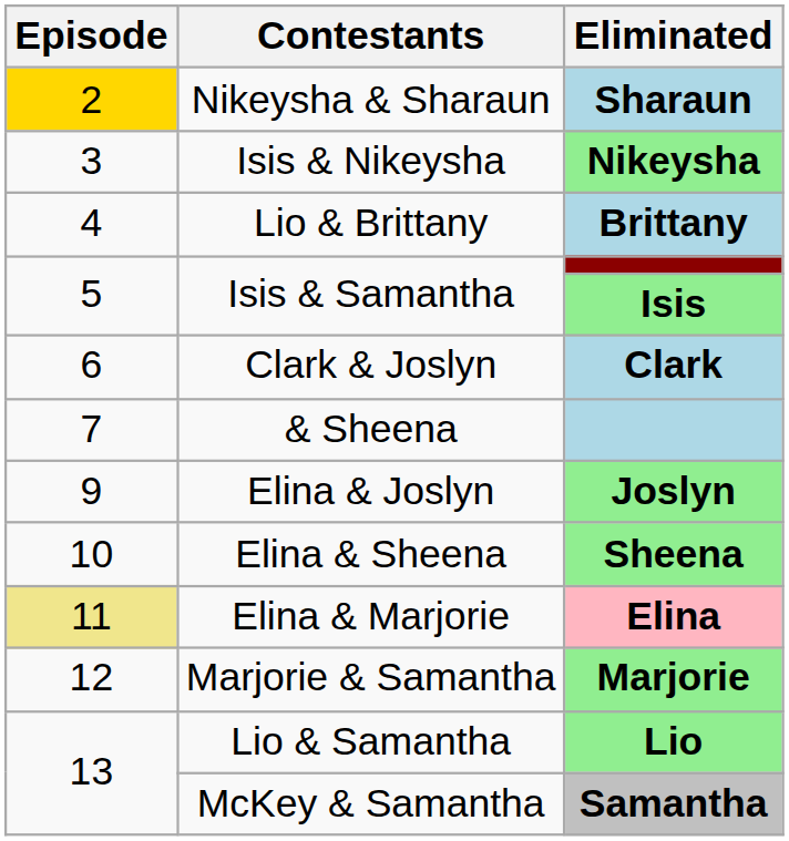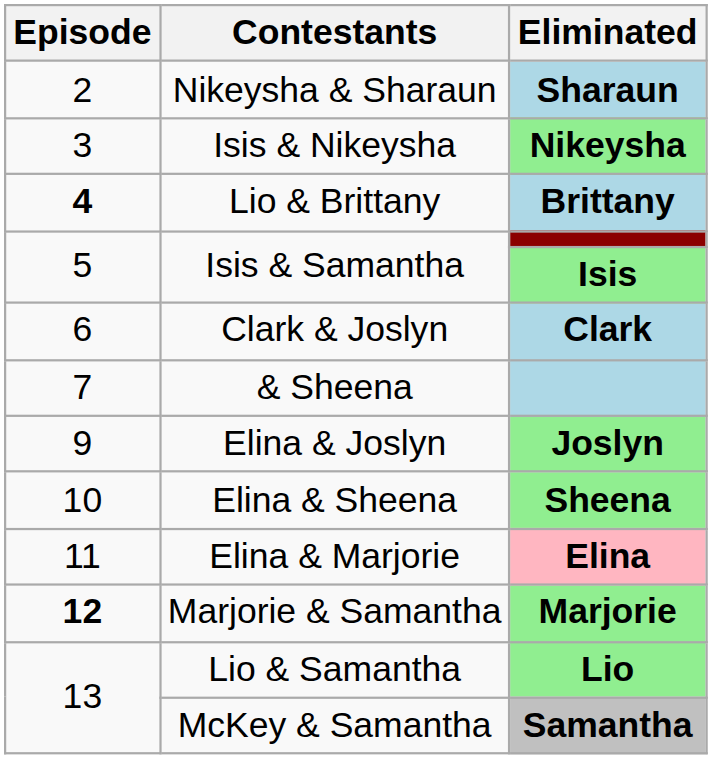 <table class="wikitable" border="2" style="text-align:center">
 <tr>
 <th>Episode</th>
 <th>Contestants</th>
 <th>Eliminated</th>
 </tr>
 <tr>
-<td style="background: gold;">2</td>
+<td>2</td>
 <td>Nikeysha & Sharaun</td>
 <td style="background:lightblue"><strong>Sharaun</strong></td>
 </tr>
 <tr>
 <td>3</td>
 <td>Isis & Nikeysha</td>
 <td style="background:lightgreen"><strong>Nikeysha</strong></td>
 </tr>
 <tr>
-<td>4</td>
+<td><strong>4</strong></td>
 <td>Lio & Brittany</td>
 <td style="background:lightblue"><strong>Brittany</strong></td>
 </tr>
 <tr>
 <td rowspan="2">5</td>
 <td rowspan="2">Isis & Samantha</td>
 <td style="background:darkred"><strong></strong></td>
 </tr>
 <tr>
 <td style="background:lightgreen"><strong>Isis</strong></td>
 </tr>
 <tr>
 <td>6</td>
 <td>Clark & Joslyn</td>
 <td style="background:lightblue"><strong>Clark</strong></td>
 </tr>
 <tr>
 <td>7</td>
 <td> & Sheena</td>
 <td style="background:lightblue"><strong></strong></td>
 </tr>
 <tr>
 <td>9</td>
 <td>Elina & Joslyn</td>
 <td style="background:lightgreen"><strong>Joslyn</strong></td>
 </tr>
 <tr>
 <td>10</td>
 <td>Elina & Sheena</td>
 <td style="background:lightgreen"><strong>Sheena</strong></td>
 </tr>
 <tr>
-<td style="background: khaki;">11</td>
+<td>11</td>
 <td>Elina & Marjorie</td>
 <td style="background:lightpink"><strong>Elina</strong></td>
 </tr>
 <tr>
-<td>12</td>
+<td><strong>12</strong></td>
 <td>Marjorie & Samantha</td>
 <td style="background:lightgreen"><strong>Marjorie</strong></td>
 </tr>
 <tr>
 <td rowspan="2">13</td>
 <td>Lio & Samantha</td>
 <td style="background:lightgreen"><strong>Lio</strong></td>
 </tr>
 <tr>
 <td>McKey & Samantha</td>
 <td style="background:silver"><strong>Samantha</strong></td>
 </tr>
 </table>
